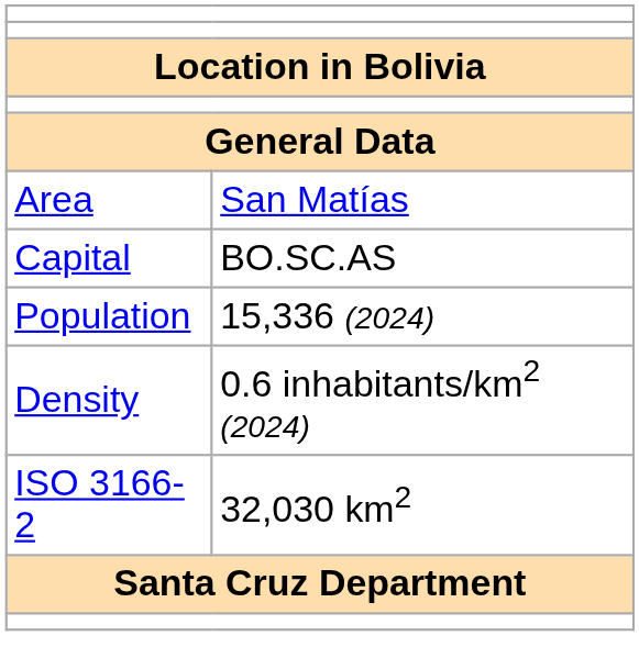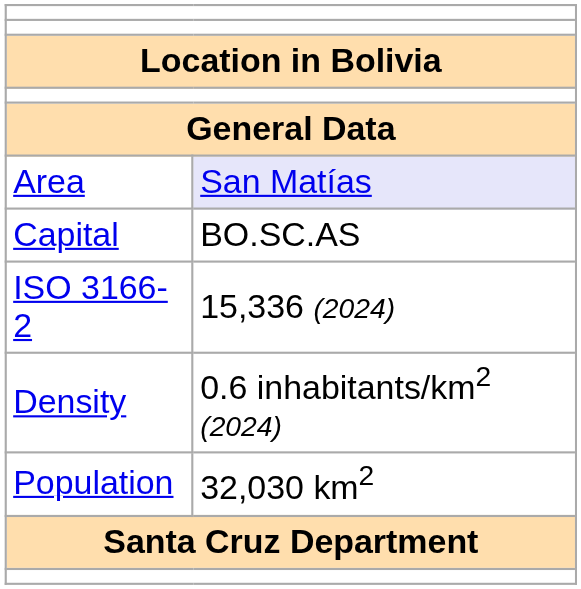 <table border=1 align=right cellpadding=3 cellspacing=0 width=270 style="margin: 0 0 1em 1em; border: 1px #aaa solid; border-collapse: collapse;">
 <tr>
 <td colspan="2" align="center" bgcolor="#ffffff"></td>
 </tr>
 <tr>
 <td colspan="2" align="center" bgcolor="#ffffff"></td>
 </tr>
 <tr>
 <th colspan="2" bgcolor="#FFDEAD">Location in Bolivia</th>
 </tr>
 <tr>
 <td colspan="2" align="center" bgcolor="#ffffff"></td>
 </tr>
 <tr>
 <th colspan="2" bgcolor="#FFDEAD">General Data</th>
 </tr>
 <tr>
 <td><a href='#'>Area</a></td>
-<td><a href='#'>San Matías</a></td>
+<td style="background: lavender;"><a href='#'>San Matías</a></td>
 </tr>
 <tr>
 <td><a href='#'>Capital</a></td>
 <td>BO.SC.AS</td>
 </tr>
 <tr>
-<td><a href='#'>Population</a></td>
+<td><a href='#'>ISO 3166-2</a></td>
 <td>15,336 <em><small>(2024)</small></em></td>
 </tr>
 <tr>
 <td><a href='#'>Density</a></td>
 <td>0.6 inhabitants/km<sup>2</sup> <em><small>(2024)</small></em></td>
 </tr>
 <tr>
-<td><a href='#'>ISO 3166-2</a></td>
+<td><a href='#'>Population</a></td>
 <td>32,030 km<sup>2</sup></td>
 </tr>
 <tr>
 <th colspan="2" bgcolor="#FFDEAD">Santa Cruz Department</th>
 </tr>
 <tr>
 <td colspan="2" align="center" bgcolor="#ffffff"></td>
 </tr>
 </table>
